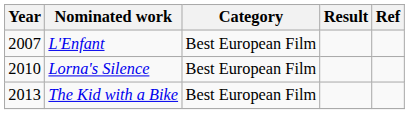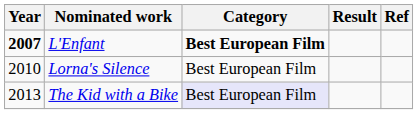 <table class="wikitable sortable">
 <tr>
 <th>Year</th>
 <th>Nominated work</th>
 <th>Category</th>
 <th>Result</th>
 <th>Ref</th>
 </tr>
 <tr>
-<td>2007</td>
+<td><strong>2007</strong></td>
 <td><em><a href='#'>L'Enfant</a></em></td>
-<td>Best European Film</td>
+<td><strong>Best European Film</strong></td>
 <td></td>
 <td></td>
 </tr>
 <tr>
 <td>2010</td>
 <td><em><a href='#'>Lorna's Silence</a></em></td>
 <td>Best European Film</td>
 <td></td>
 <td></td>
 </tr>
 <tr>
 <td>2013</td>
 <td><em><a href='#'>The Kid with a Bike</a></em></td>
-<td>Best European Film</td>
+<td style="background: lavender;">Best European Film</td>
 <td></td>
 <td></td>
 </tr>
 <tr>
 </tr>
 </table>
